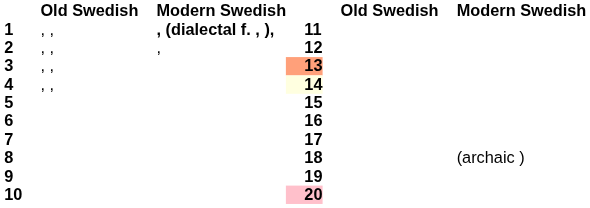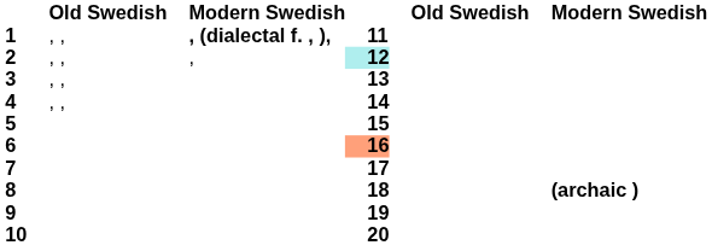 <table cellspacing="0" cellpadding="0">
 <tr>
 <td><strong></strong></td>
 <td>    <strong>Old Swedish</strong></td>
 <td>      <strong>Modern Swedish</strong></td>
 <td>    <strong></strong></td>
 <td>      <strong>Old Swedish</strong></td>
 <td>      <strong>Modern Swedish</strong></td>
 </tr>
 <tr ---->
 <td>    <strong>1</strong></td>
 <td>    , , </td>
 <td><strong>    , (dialectal f. , ), </strong></td>
 <td>    <strong>11</strong></td>
 <td>    </td>
 <td>    </td>
 </tr>
 <tr ---->
 <td>    <strong>2</strong></td>
 <td>    , , </td>
 <td>    , </td>
-<td>    <strong>12</strong></td>
+<td style="background: paleturquoise;">    <strong>12</strong></td>
 <td>    </td>
 <td>    </td>
 </tr>
 <tr ---->
 <td>    <strong>3</strong></td>
 <td>    , , </td>
 <td>      </td>
-<td style="background: lightsalmon;">    <strong>13</strong></td>
+<td>    <strong>13</strong></td>
 <td>    </td>
 <td>    </td>
 </tr>
 <tr ---->
 <td>    <strong>4</strong></td>
 <td>    , , </td>
 <td>      </td>
-<td style="background: lightyellow;">    <strong>14</strong></td>
+<td>    <strong>14</strong></td>
 <td>    </td>
 <td>    </td>
 </tr>
 <tr ---->
 <td>    <strong>5</strong></td>
 <td>    </td>
 <td>      </td>
 <td>    <strong>15</strong></td>
 <td>    </td>
 <td>    </td>
 </tr>
 <tr ---->
 <td>    <strong>6</strong></td>
 <td>    </td>
 <td>      </td>
-<td>    <strong>16</strong></td>
+<td style="background: lightsalmon;">    <strong>16</strong></td>
 <td>    </td>
 <td>    </td>
 </tr>
 <tr ---->
 <td>    <strong>7</strong></td>
 <td>    </td>
 <td>      </td>
 <td>    <strong>17</strong></td>
 <td>    </td>
 <td>    </td>
 </tr>
 <tr ---->
 <td>    <strong>8</strong></td>
 <td>    </td>
 <td>      </td>
 <td>    <strong>18</strong></td>
 <td>    </td>
-<td>     (archaic )</td>
+<td><strong>     (archaic )</strong></td>
 </tr>
 <tr ---->
 <td>    <strong>9</strong></td>
 <td>    </td>
 <td>      </td>
 <td>    <strong>19</strong></td>
 <td>    </td>
 <td>    </td>
 </tr>
 <tr ---->
 <td>    <strong>10</strong></td>
 <td>    </td>
 <td>      </td>
-<td style="background: pink;">    <strong>20</strong></td>
+<td>    <strong>20</strong></td>
 <td>    </td>
 <td>    </td>
 </tr>
 </table>
